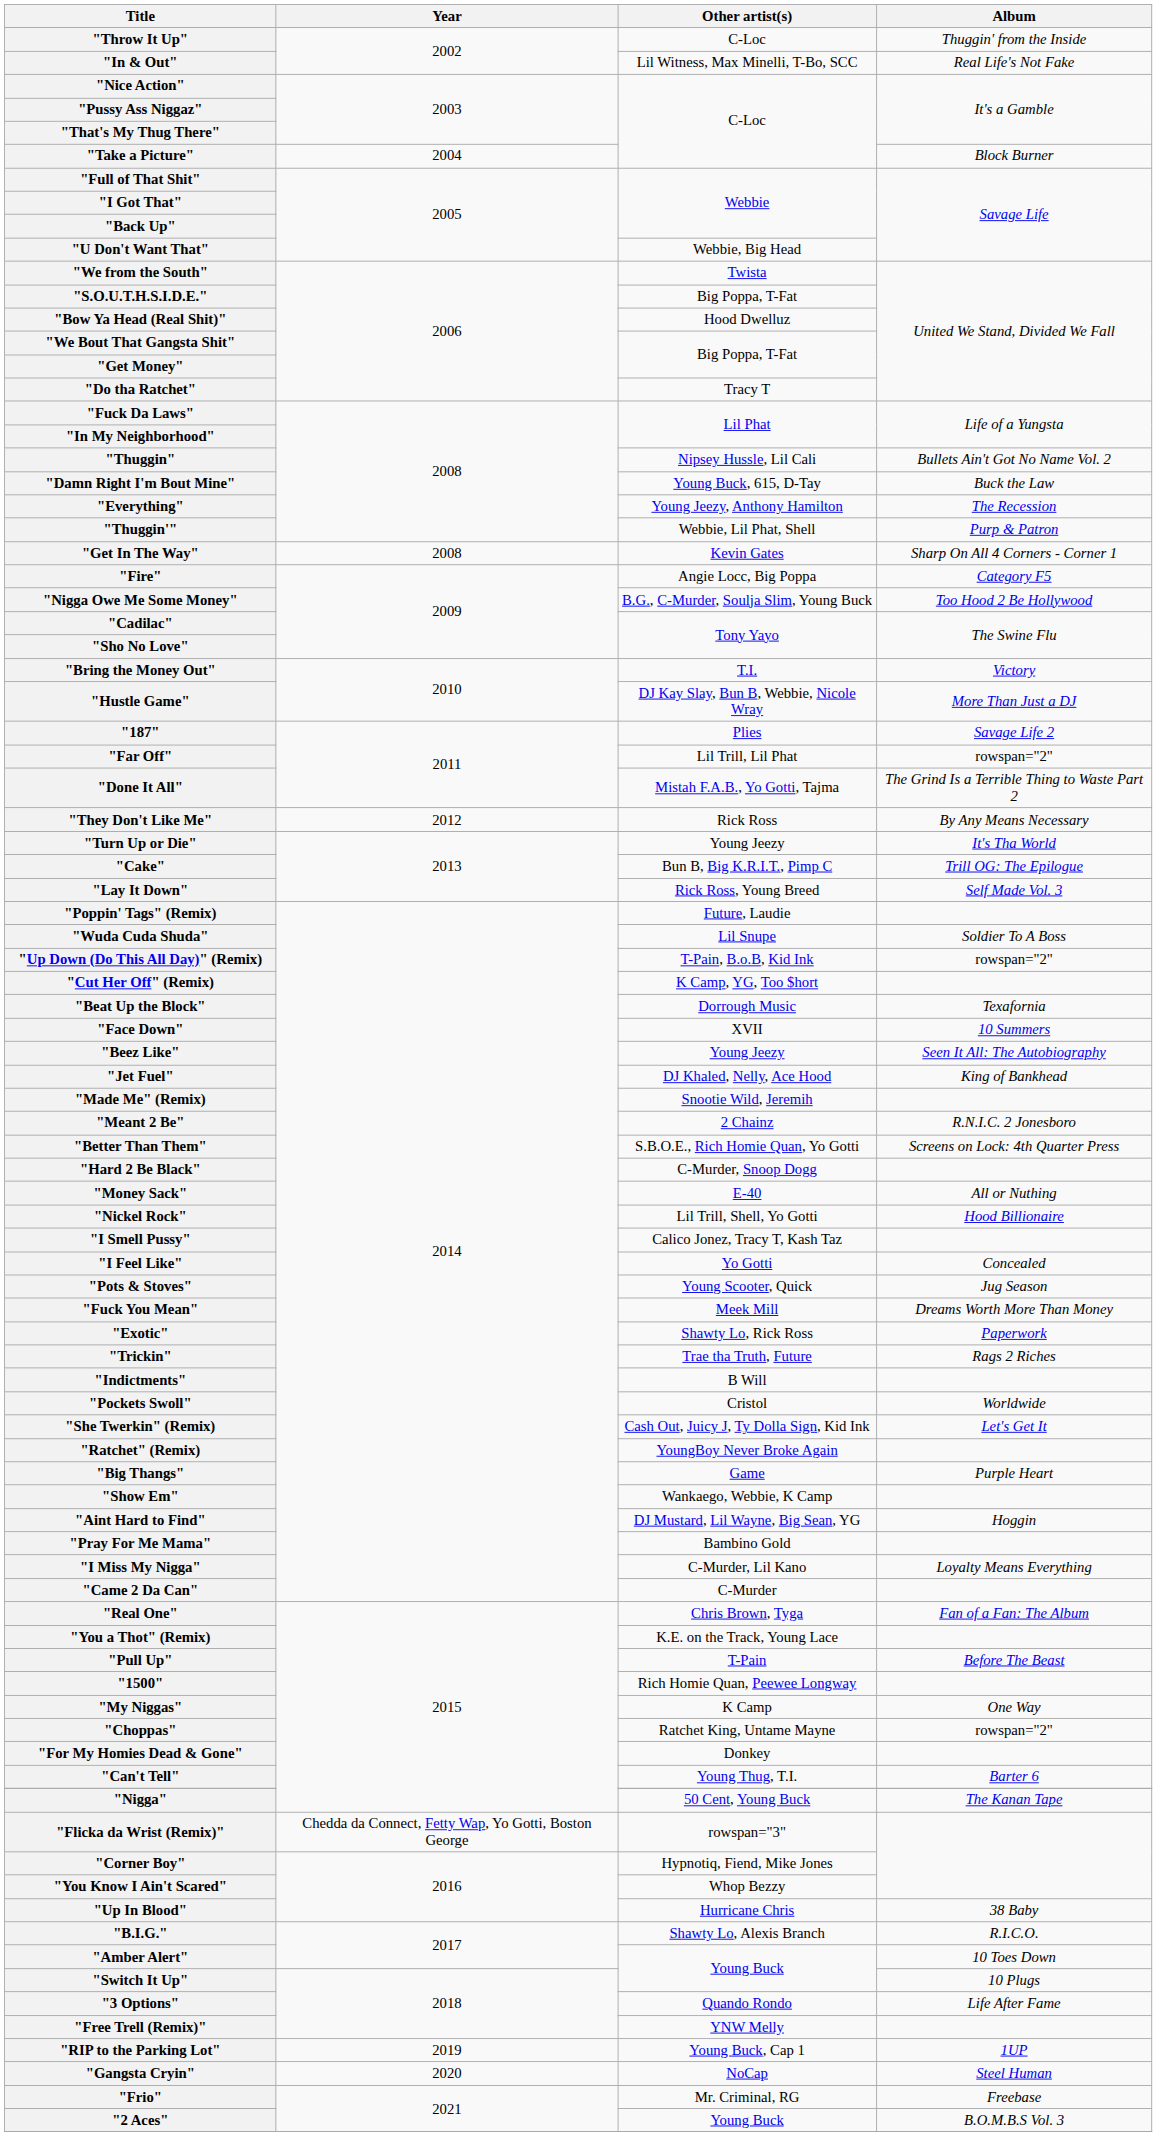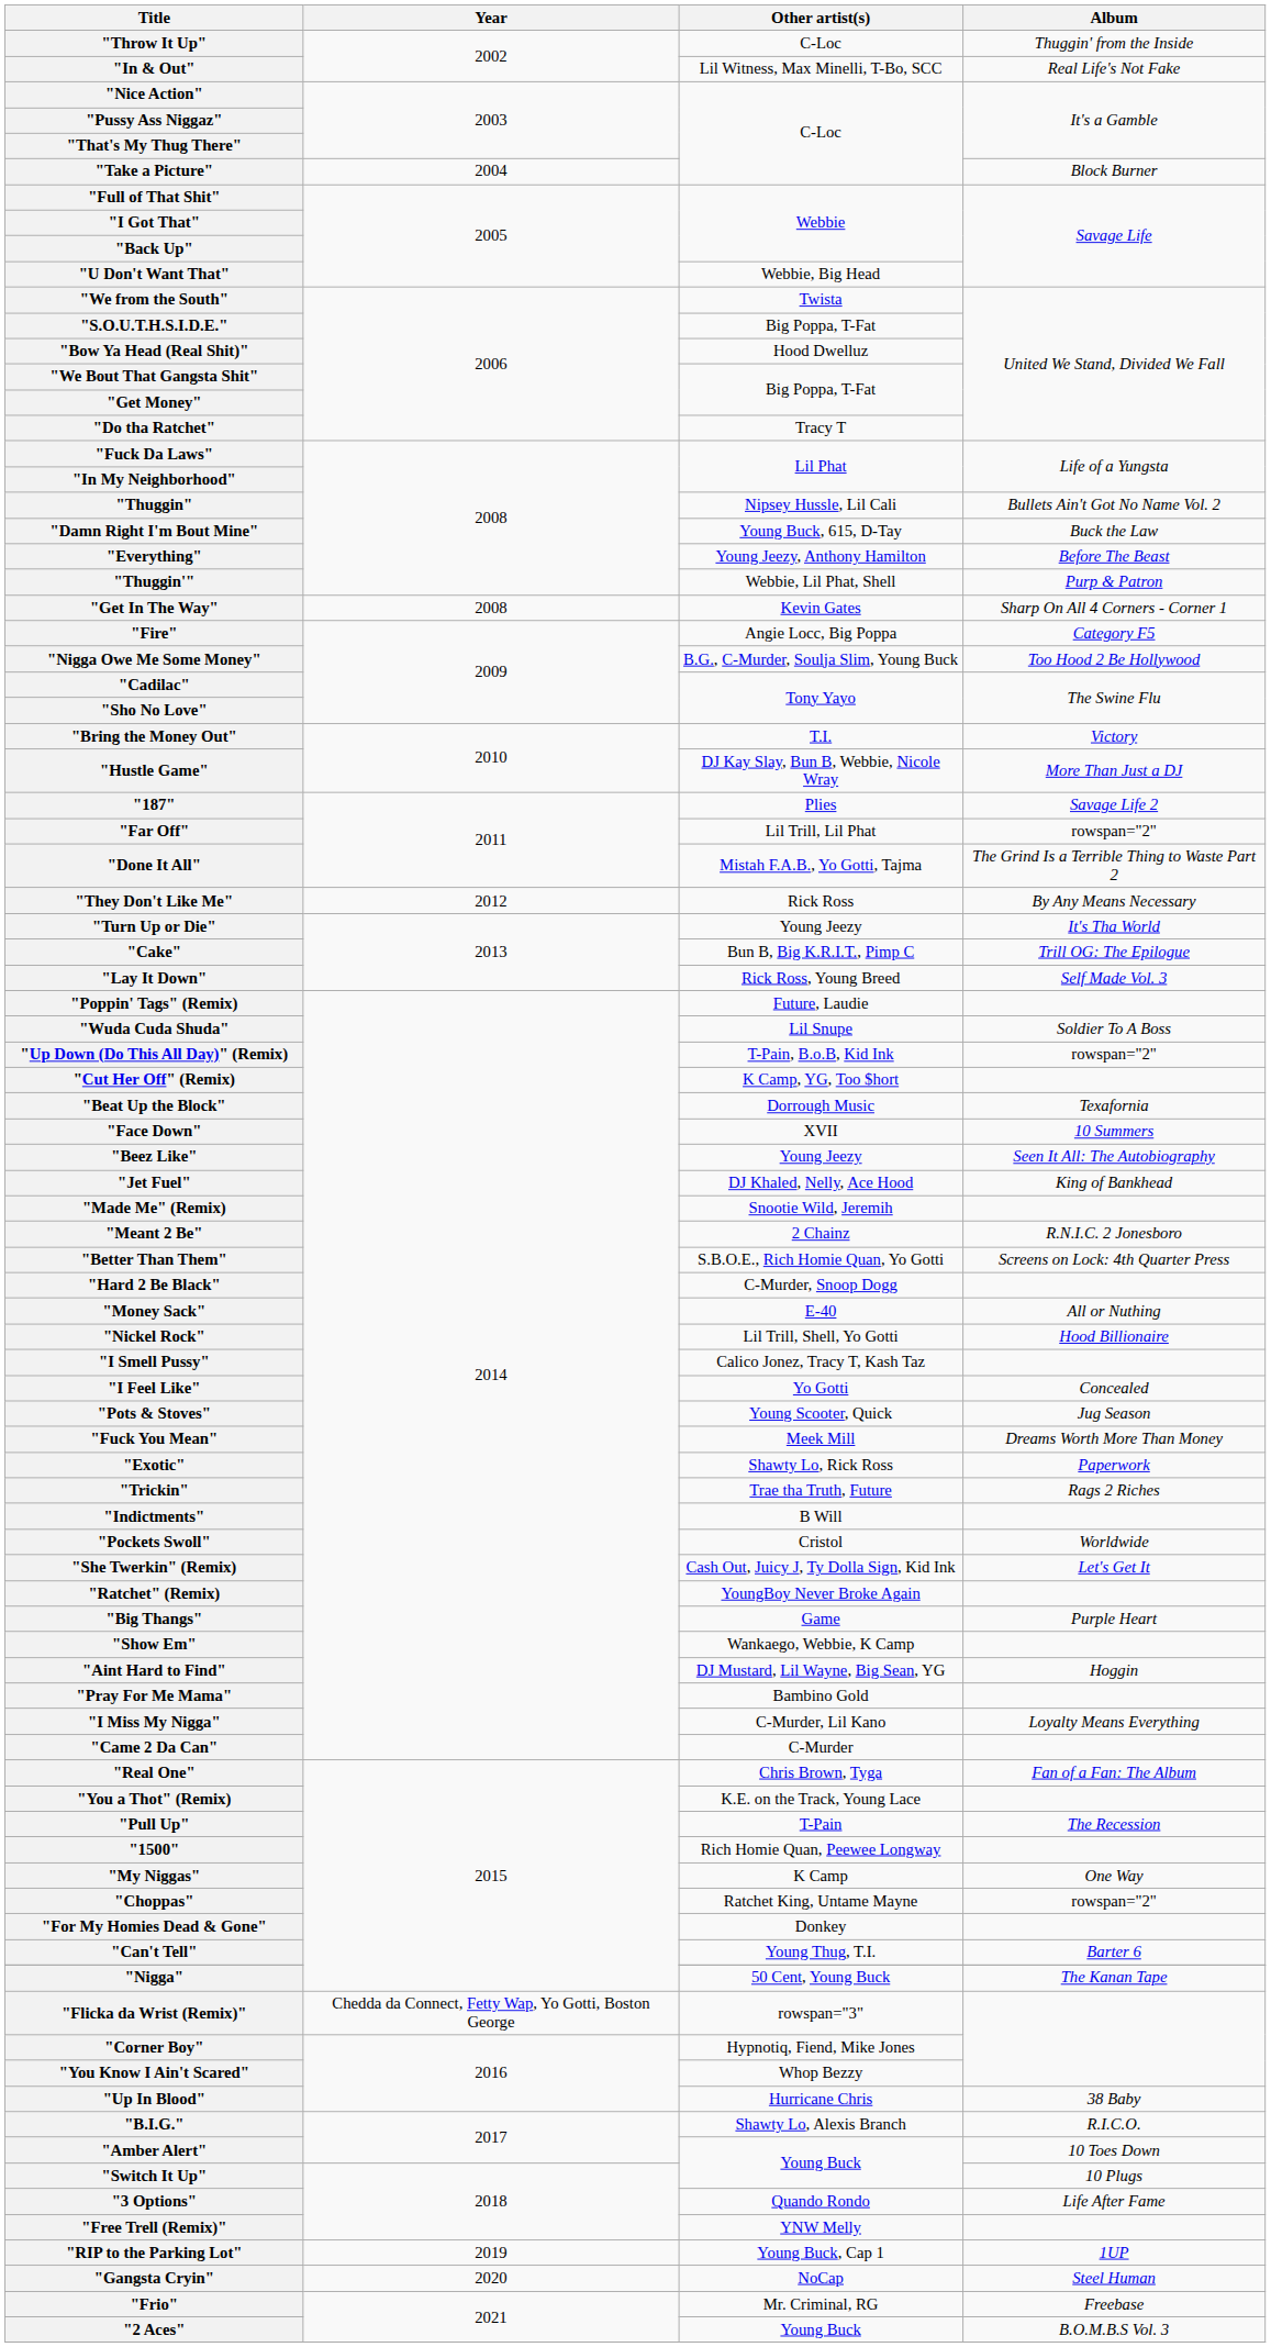 <table class="wikitable plainrowheaders" style="text-align:center;">
 <tr>
 <th style="width:18em;">Title</th>
 <th>Year</th>
 <th>Other artist(s)</th>
 <th>Album</th>
 </tr>
 <tr>
 <th scope="row">"Throw It Up"</th>
 <td rowspan="2">2002</td>
 <td>C-Loc</td>
 <td><em>Thuggin' from the Inside</em></td>
 </tr>
 <tr>
 <th scope="row">"In & Out"</th>
 <td>Lil Witness, Max Minelli, T-Bo, SCC</td>
 <td><em>Real Life's Not Fake</em></td>
 </tr>
 <tr>
 <th scope="row">"Nice Action"</th>
 <td rowspan="3">2003</td>
 <td rowspan="4">C-Loc</td>
 <td rowspan="3"><em>It's a Gamble</em></td>
 </tr>
 <tr>
 <th scope="row">"Pussy Ass Niggaz"</th>
 </tr>
 <tr>
 <th scope="row">"That's My Thug There"</th>
 </tr>
 <tr>
 <th scope="row">"Take a Picture"</th>
 <td>2004</td>
 <td><em>Block Burner</em></td>
 </tr>
 <tr>
 <th scope="row">"Full of That Shit"</th>
 <td rowspan="4">2005</td>
 <td rowspan="3"><a href='#'>Webbie</a></td>
 <td rowspan="4"><em><a href='#'>Savage Life</a></em></td>
 </tr>
 <tr>
 <th scope="row">"I Got That"</th>
 </tr>
 <tr>
 <th scope="row">"Back Up"</th>
 </tr>
 <tr>
 <th scope="row">"U Don't Want That"</th>
 <td>Webbie, Big Head</td>
 </tr>
 <tr>
 <th scope="row">"We from the South"</th>
 <td rowspan="6">2006</td>
 <td><a href='#'>Twista</a></td>
 <td rowspan="6"><em>United We Stand, Divided We Fall</em></td>
 </tr>
 <tr>
 <th scope="row">"S.O.U.T.H.S.I.D.E."</th>
 <td>Big Poppa, T-Fat</td>
 </tr>
 <tr>
 <th scope="row">"Bow Ya Head (Real Shit)"</th>
 <td>Hood Dwelluz</td>
 </tr>
 <tr>
 <th scope="row">"We Bout That Gangsta Shit"</th>
 <td rowspan="2">Big Poppa, T-Fat</td>
 </tr>
 <tr>
 <th scope="row">"Get Money"</th>
 </tr>
 <tr>
 <th scope="row">"Do tha Ratchet"</th>
 <td>Tracy T</td>
 </tr>
 <tr>
 <th scope="row">"Fuck Da Laws"</th>
 <td rowspan="6">2008</td>
 <td rowspan="2"><a href='#'>Lil Phat</a></td>
 <td rowspan="2"><em>Life of a Yungsta</em></td>
 </tr>
 <tr>
 <th scope="row">"In My Neighborhood"</th>
 </tr>
 <tr>
 <th scope="row">"Thuggin"</th>
 <td><a href='#'>Nipsey Hussle</a>, Lil Cali</td>
 <td><em>Bullets Ain't Got No Name Vol. 2</em></td>
 </tr>
 <tr>
 <th scope="row">"Damn Right I'm Bout Mine"</th>
 <td><a href='#'>Young Buck</a>, 615, D-Tay</td>
 <td><em>Buck the Law</em></td>
 </tr>
 <tr>
 <th scope="row">"Everything"</th>
 <td><a href='#'>Young Jeezy</a>, <a href='#'>Anthony Hamilton</a></td>
-<td><em><a href='#'>The Recession</a></em></td>
+<td><em><a href='#'>Before The Beast</a></em></td>
 </tr>
 <tr>
 <th scope="row">"Thuggin'"</th>
 <td>Webbie, Lil Phat, Shell</td>
 <td><em><a href='#'>Purp & Patron</a></em></td>
 </tr>
 <tr>
 <th scope="row">"Get In The Way"</th>
 <td rowspan="1">2008</td>
 <td><a href='#'>Kevin Gates</a></td>
 <td><em>Sharp On All 4 Corners - Corner 1</em></td>
 </tr>
 <tr>
 <th scope="row">"Fire"</th>
 <td rowspan="4">2009</td>
 <td>Angie Locc, Big Poppa</td>
 <td><em><a href='#'>Category F5</a></em></td>
 </tr>
 <tr>
 <th scope="row">"Nigga Owe Me Some Money"</th>
 <td><a href='#'>B.G.</a>, <a href='#'>C-Murder</a>, <a href='#'>Soulja Slim</a>, Young Buck</td>
 <td><em><a href='#'>Too Hood 2 Be Hollywood</a></em></td>
 </tr>
 <tr>
 <th scope="row">"Cadilac"</th>
 <td rowspan="2"><a href='#'>Tony Yayo</a></td>
 <td rowspan="2"><em>The Swine Flu</em></td>
 </tr>
 <tr>
 <th scope="row">"Sho No Love"</th>
 </tr>
 <tr>
 <th scope="row">"Bring the Money Out"</th>
 <td rowspan="2">2010</td>
 <td><a href='#'>T.I.</a></td>
 <td><em><a href='#'>Victory</a></em></td>
 </tr>
 <tr>
 <th scope="row">"Hustle Game"</th>
 <td><a href='#'>DJ Kay Slay</a>, <a href='#'>Bun B</a>, Webbie, <a href='#'>Nicole Wray</a></td>
 <td><em><a href='#'>More Than Just a DJ</a></em></td>
 </tr>
 <tr>
 <th scope="row">"187"</th>
 <td rowspan="3">2011</td>
 <td><a href='#'>Plies</a></td>
 <td><em><a href='#'>Savage Life 2</a></em></td>
 </tr>
 <tr>
 <th scope="row">"Far Off"</th>
 <td>Lil Trill, Lil Phat</td>
 <td>rowspan="2" </td>
 </tr>
 <tr>
 <th scope="row">"Done It All"</th>
 <td><a href='#'>Mistah F.A.B.</a>, <a href='#'>Yo Gotti</a>, Tajma</td>
 <td><em>The Grind Is a Terrible Thing to Waste Part 2</em></td>
 </tr>
 <tr>
 <th scope="row">"They Don't Like Me"</th>
 <td>2012</td>
 <td>Rick Ross</td>
 <td><em>By Any Means Necessary</em></td>
 </tr>
 <tr>
 <th scope="row">"Turn Up or Die"</th>
 <td rowspan="3">2013</td>
 <td>Young Jeezy</td>
 <td><em><a href='#'>It's Tha World</a></em></td>
 </tr>
 <tr>
 <th scope="row">"Cake"</th>
 <td>Bun B, <a href='#'>Big K.R.I.T.</a>, <a href='#'>Pimp C</a></td>
 <td><em><a href='#'>Trill OG: The Epilogue</a></em></td>
 </tr>
 <tr>
 <th scope="row">"Lay It Down"</th>
 <td><a href='#'>Rick Ross</a>, Young Breed</td>
 <td><em><a href='#'>Self Made Vol. 3</a></em></td>
 </tr>
 <tr>
 <th scope="row">"Poppin' Tags" (Remix)</th>
 <td rowspan="30">2014</td>
 <td><a href='#'>Future</a>, Laudie</td>
 <td></td>
 </tr>
 <tr>
 <th scope="row">"Wuda Cuda Shuda"</th>
 <td><a href='#'>Lil Snupe</a></td>
 <td><em>Soldier To A Boss</em></td>
 </tr>
 <tr>
 <th scope="row">"<a href='#'>Up Down (Do This All Day)</a>" (Remix)</th>
 <td><a href='#'>T-Pain</a>, <a href='#'>B.o.B</a>, <a href='#'>Kid Ink</a></td>
 <td>rowspan="2" </td>
 </tr>
 <tr>
 <th scope="row">"<a href='#'>Cut Her Off</a>" (Remix)</th>
 <td><a href='#'>K Camp</a>, <a href='#'>YG</a>, <a href='#'>Too $hort</a></td>
 </tr>
 <tr>
 <th scope="row">"Beat Up the Block"</th>
 <td><a href='#'>Dorrough Music</a></td>
 <td><em>Texafornia</em></td>
 </tr>
 <tr>
 <th scope="row">"Face Down"</th>
 <td>XVII</td>
 <td><em><a href='#'>10 Summers</a></em></td>
 </tr>
 <tr>
 <th scope="row">"Beez Like"</th>
 <td><a href='#'>Young Jeezy</a></td>
 <td><em><a href='#'>Seen It All: The Autobiography</a></em></td>
 </tr>
 <tr>
 <th scope="row">"Jet Fuel"</th>
 <td><a href='#'>DJ Khaled</a>, <a href='#'>Nelly</a>, <a href='#'>Ace Hood</a></td>
 <td><em>King of Bankhead</em></td>
 </tr>
 <tr>
 <th scope="row">"Made Me" (Remix)</th>
 <td><a href='#'>Snootie Wild</a>, <a href='#'>Jeremih</a></td>
 <td></td>
 </tr>
 <tr>
 <th scope="row">"Meant 2 Be"</th>
 <td><a href='#'>2 Chainz</a></td>
 <td><em>R.N.I.C. 2 Jonesboro</em></td>
 </tr>
 <tr>
 <th scope="row">"Better Than Them"</th>
 <td>S.B.O.E., <a href='#'>Rich Homie Quan</a>, Yo Gotti</td>
 <td><em>Screens on Lock: 4th Quarter Press</em></td>
 </tr>
 <tr>
 <th scope="row">"Hard 2 Be Black"</th>
 <td>C-Murder, <a href='#'>Snoop Dogg</a></td>
 <td></td>
 </tr>
 <tr>
 <th scope="row">"Money Sack"</th>
 <td><a href='#'>E-40</a></td>
 <td><em>All or Nuthing</em></td>
 </tr>
 <tr>
 <th scope="row">"Nickel Rock"</th>
 <td>Lil Trill, Shell, Yo Gotti</td>
 <td><em><a href='#'>Hood Billionaire</a></em></td>
 </tr>
 <tr>
 <th scope="row">"I Smell Pussy"</th>
 <td>Calico Jonez, Tracy T, Kash Taz</td>
 <td></td>
 </tr>
 <tr>
 <th scope="row">"I Feel Like"</th>
 <td><a href='#'>Yo Gotti</a></td>
 <td><em>Concealed</em></td>
 </tr>
 <tr>
 <th scope="row">"Pots & Stoves"</th>
 <td><a href='#'>Young Scooter</a>, Quick</td>
 <td><em>Jug Season</em></td>
 </tr>
 <tr>
 <th scope="row">"Fuck You Mean"</th>
 <td><a href='#'>Meek Mill</a></td>
 <td><em>Dreams Worth More Than Money</em></td>
 </tr>
 <tr>
 <th scope="row">"Exotic"</th>
 <td><a href='#'>Shawty Lo</a>, Rick Ross</td>
 <td><em><a href='#'>Paperwork</a></em></td>
 </tr>
 <tr>
 <th scope="row">"Trickin"</th>
 <td><a href='#'>Trae tha Truth</a>, <a href='#'>Future</a></td>
 <td><em>Rags 2 Riches</em></td>
 </tr>
 <tr>
 <th scope="row">"Indictments"</th>
 <td>B Will</td>
 </tr>
 <tr>
 <th scope="row">"Pockets Swoll"</th>
 <td>Cristol</td>
 <td><em>Worldwide</em></td>
 </tr>
 <tr>
 <th scope="row">"She Twerkin" (Remix)</th>
 <td><a href='#'>Cash Out</a>, <a href='#'>Juicy J</a>, <a href='#'>Ty Dolla Sign</a>, Kid Ink</td>
 <td><em><a href='#'>Let's Get It</a></em></td>
 </tr>
 <tr>
 <th scope="row">"Ratchet" (Remix)</th>
 <td><a href='#'>YoungBoy Never Broke Again</a></td>
 <td></td>
 </tr>
 <tr>
 <th scope="row">"Big Thangs"</th>
 <td><a href='#'>Game</a></td>
 <td><em>Purple Heart</em></td>
 </tr>
 <tr>
 <th scope="row">"Show Em"</th>
 <td>Wankaego, Webbie, K Camp</td>
 <td></td>
 </tr>
 <tr>
 <th scope="row">"Aint Hard to Find"</th>
 <td><a href='#'>DJ Mustard</a>, <a href='#'>Lil Wayne</a>, <a href='#'>Big Sean</a>, YG</td>
 <td><em>Hoggin</em></td>
 </tr>
 <tr>
 <th scope="row">"Pray For Me Mama"</th>
 <td>Bambino Gold</td>
 <td></td>
 </tr>
 <tr>
 <th scope="row">"I Miss My Nigga"</th>
 <td>C-Murder, Lil Kano</td>
 <td><em>Loyalty Means Everything</em></td>
 </tr>
 <tr>
 <th scope="row">"Came 2 Da Can"</th>
 <td>C-Murder</td>
 <td></td>
 </tr>
 <tr>
 <th scope="row">"Real One"</th>
 <td rowspan="10">2015</td>
 <td><a href='#'>Chris Brown</a>, <a href='#'>Tyga</a></td>
 <td><em><a href='#'>Fan of a Fan: The Album</a></em></td>
 </tr>
 <tr>
 <th scope="row">"You a Thot" (Remix)</th>
 <td>K.E. on the Track, Young Lace</td>
 <td></td>
 </tr>
 <tr>
 <th scope="row">"Pull Up"</th>
 <td><a href='#'>T-Pain</a></td>
-<td><em><a href='#'>Before The Beast</a></em></td>
+<td><em><a href='#'>The Recession</a></em></td>
 </tr>
 <tr>
 <th scope="row">"1500"</th>
 <td>Rich Homie Quan, <a href='#'>Peewee Longway</a></td>
 <td></td>
 </tr>
 <tr>
 <th scope="row">"My Niggas"</th>
 <td>K Camp</td>
 <td><em>One Way</em></td>
 </tr>
 <tr>
 <th scope="row">"Choppas"</th>
 <td>Ratchet King, Untame Mayne</td>
 <td>rowspan="2" </td>
 </tr>
 <tr>
 <th scope="row">"For My Homies Dead & Gone"</th>
 <td>Donkey</td>
 </tr>
 <tr>
 <th scope="row">"Can't Tell"</th>
 <td><a href='#'>Young Thug</a>, T.I.</td>
 <td><em><a href='#'>Barter 6</a></em></td>
 </tr>
 <tr>
 </tr>
 <tr>
 <th scope="row">"Nigga"</th>
 <td><a href='#'>50 Cent</a>, <a href='#'>Young Buck</a></td>
 <td><em><a href='#'>The Kanan Tape</a></em></td>
 </tr>
 <tr>
 <th scope="row">"Flicka da Wrist (Remix)"</th>
 <td>Chedda da Connect, <a href='#'>Fetty Wap</a>, Yo Gotti, Boston George</td>
 <td>rowspan="3" </td>
 </tr>
 <tr>
 <th scope="row">"Corner Boy"</th>
 <td rowspan="3">2016</td>
 <td>Hypnotiq, Fiend, Mike Jones</td>
 </tr>
 <tr>
 <th scope="row">"You Know I Ain't Scared"</th>
 <td>Whop Bezzy</td>
 </tr>
 <tr>
 <th scope="row">"Up In Blood"</th>
 <td><a href='#'>Hurricane Chris</a></td>
 <td><em>38 Baby</em></td>
 </tr>
 <tr>
 <th scope="row">"B.I.G."</th>
 <td rowspan="2">2017</td>
 <td><a href='#'>Shawty Lo</a>, Alexis Branch</td>
 <td><em>R.I.C.O.</em></td>
 </tr>
 <tr>
 <th scope="row">"Amber Alert"</th>
 <td rowspan="2"><a href='#'>Young Buck</a></td>
 <td><em>10 Toes Down</em></td>
 </tr>
 <tr>
 <th scope="row">"Switch It Up"</th>
 <td rowspan="3">2018</td>
 <td><em>10 Plugs</em></td>
 </tr>
 <tr>
 <th scope="row">"3 Options"</th>
 <td><a href='#'>Quando Rondo</a></td>
 <td><em>Life After Fame</em></td>
 </tr>
 <tr>
 <th scope="row">"Free Trell (Remix)"</th>
 <td><a href='#'>YNW Melly</a></td>
 <td></td>
 </tr>
 <tr>
 <th scope="row">"RIP to the Parking Lot"</th>
 <td rowspan="1">2019</td>
 <td><a href='#'>Young Buck</a>, Cap 1</td>
 <td><em><a href='#'>1UP</a></em></td>
 </tr>
 <tr>
 <th scope="row">"Gangsta Cryin"</th>
 <td rowspan="1">2020</td>
 <td><a href='#'>NoCap</a></td>
 <td><em><a href='#'>Steel Human</a></em></td>
 </tr>
 <tr>
 <th scope="row">"Frio"</th>
 <td rowspan="2">2021</td>
 <td>Mr. Criminal, RG</td>
 <td><em>Freebase</em></td>
 </tr>
 <tr>
 <th scope="row">"2 Aces"</th>
 <td><a href='#'>Young Buck</a></td>
 <td><em>B.O.M.B.S Vol. 3</em></td>
 </tr>
 <tr>
 </tr>
 </table>
